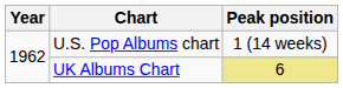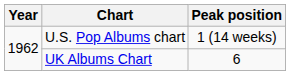 <table class="wikitable">
 <tr>
 <th align="left">Year</th>
 <th align="left">Chart</th>
 <th align="left">Peak position</th>
 </tr>
 <tr>
 <td align="left" rowspan=2>1962</td>
 <td align="left">U.S. <a href='#'>Pop Albums</a> chart</td>
 <td align="center">1 (14 weeks)</td>
 </tr>
 <tr>
 <td align="left"><a href='#'>UK Albums Chart</a></td>
-<td align="center" style="background: khaki;">6</td>
+<td align="center">6</td>
 </tr>
 </table>
